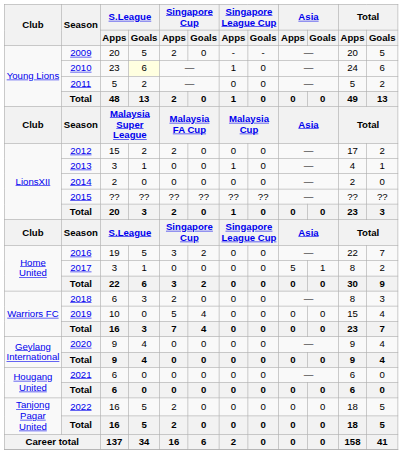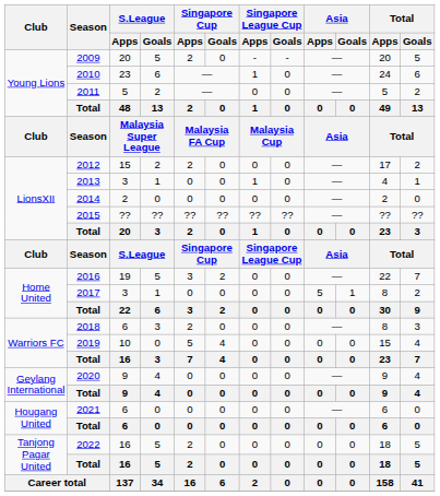 <table class="wikitable" style="text-align:center">
 <tr>
 <th rowspan="2">Club</th>
 <th rowspan="2">Season</th>
 <th colspan="2"><a href='#'>S.League</a></th>
 <th colspan="2"><a href='#'>Singapore Cup</a></th>
 <th colspan="2"><a href='#'>Singapore<br>League Cup</a></th>
 <th colspan="2"><a href='#'>Asia</a></th>
 <th colspan="2">Total</th>
 </tr>
 <tr>
 <th>Apps</th>
 <th>Goals</th>
 <th>Apps</th>
 <th>Goals</th>
 <th>Apps</th>
 <th>Goals</th>
 <th>Apps</th>
 <th>Goals</th>
 <th>Apps</th>
 <th>Goals</th>
 </tr>
 <tr>
 <td rowspan="4"><a href='#'>Young Lions</a></td>
 <td><a href='#'>2009</a></td>
 <td>20</td>
 <td>5</td>
 <td>2</td>
 <td>0</td>
 <td>-</td>
 <td>-</td>
 <td colspan='2'>—</td>
 <td>20</td>
 <td>5</td>
 </tr>
 <tr>
 <td><a href='#'>2010</a></td>
 <td>23</td>
-<td style="background: lightyellow;">6</td>
+<td>6</td>
 <td colspan='2'>—</td>
 <td>1</td>
 <td>0</td>
 <td colspan='2'>—</td>
 <td>24</td>
 <td>6</td>
 </tr>
 <tr>
 <td><a href='#'>2011</a></td>
 <td>5</td>
 <td>2</td>
 <td colspan='2'>—</td>
 <td>0</td>
 <td>0</td>
 <td colspan='2'>—</td>
 <td>5</td>
 <td>2</td>
 </tr>
 <tr>
 <th>Total</th>
 <th>48</th>
 <th>13</th>
 <th>2</th>
 <th>0</th>
 <th>1</th>
 <th>0</th>
 <th>0</th>
 <th>0</th>
 <th>49</th>
 <th>13</th>
 </tr>
 <tr>
 <th>Club</th>
 <th>Season</th>
 <th colspan="2"><a href='#'>Malaysia<br>Super League</a></th>
 <th colspan="2"><a href='#'>Malaysia<br>FA Cup</a></th>
 <th colspan="2"><a href='#'>Malaysia Cup</a></th>
 <th colspan="2"><a href='#'>Asia</a></th>
 <th colspan="2">Total</th>
 </tr>
 <tr>
 <td rowspan="5"><a href='#'>LionsXII</a></td>
 <td><a href='#'>2012</a></td>
 <td>15</td>
 <td>2</td>
 <td>2</td>
 <td>0</td>
 <td>0</td>
 <td>0</td>
 <td colspan='2'>—</td>
 <td>17</td>
 <td>2</td>
 </tr>
 <tr>
 <td><a href='#'>2013</a></td>
 <td>3</td>
 <td>1</td>
 <td>0</td>
 <td>0</td>
 <td>1</td>
 <td>0</td>
 <td colspan='2'>—</td>
 <td>4</td>
 <td>1</td>
 </tr>
 <tr>
 <td><a href='#'>2014</a></td>
 <td>2</td>
 <td>0</td>
 <td>0</td>
 <td>0</td>
 <td>0</td>
 <td>0</td>
 <td colspan='2'>—</td>
 <td>2</td>
 <td>0</td>
 </tr>
 <tr>
 <td><a href='#'>2015</a></td>
 <td>??</td>
 <td>??</td>
 <td>??</td>
 <td>??</td>
 <td>??</td>
 <td>??</td>
 <td colspan='2'>—</td>
 <td>??</td>
 <td>??</td>
 </tr>
 <tr>
 <th>Total</th>
 <th>20</th>
 <th>3</th>
 <th>2</th>
 <th>0</th>
 <th>1</th>
 <th>0</th>
 <th>0</th>
 <th>0</th>
 <th>23</th>
 <th>3</th>
 </tr>
 <tr>
 <th rowspan="1">Club</th>
 <th rowspan="1">Season</th>
 <th colspan="2"><a href='#'>S.League</a></th>
 <th colspan="2"><a href='#'>Singapore Cup</a></th>
 <th colspan="2"><a href='#'>Singapore<br>League Cup</a></th>
 <th colspan="2"><a href='#'>Asia</a></th>
 <th colspan="2">Total</th>
 </tr>
 <tr>
 <td rowspan="3"><a href='#'>Home United</a></td>
 <td><a href='#'>2016</a></td>
 <td>19</td>
 <td>5</td>
 <td>3</td>
 <td>2</td>
 <td>0</td>
 <td>0</td>
 <td colspan="2">—</td>
 <td>22</td>
 <td>7</td>
 </tr>
 <tr>
 <td><a href='#'>2017</a></td>
 <td>3</td>
 <td>1</td>
 <td>0</td>
 <td>0</td>
 <td>0</td>
 <td>0</td>
 <td>5</td>
 <td>1</td>
 <td>8</td>
 <td>2</td>
 </tr>
 <tr>
 <th>Total</th>
 <th>22</th>
 <th>6</th>
 <th>3</th>
 <th>2</th>
 <th>0</th>
 <th>0</th>
 <th>0</th>
 <th>0</th>
 <th>30</th>
 <th>9</th>
 </tr>
 <tr>
 <td rowspan="3"><a href='#'>Warriors FC</a></td>
 <td><a href='#'>2018</a></td>
 <td>6</td>
 <td>3</td>
 <td>2</td>
 <td>0</td>
 <td>0</td>
 <td>0</td>
 <td colspan="2">—</td>
 <td>8</td>
 <td>3</td>
 </tr>
 <tr>
 <td><a href='#'>2019</a></td>
 <td>10</td>
 <td>0</td>
 <td>5</td>
 <td>4</td>
 <td>0</td>
 <td>0</td>
 <td>0</td>
 <td>0</td>
 <td>15</td>
 <td>4</td>
 </tr>
 <tr>
 <th>Total</th>
 <th>16</th>
 <th>3</th>
 <th>7</th>
 <th>4</th>
 <th>0</th>
 <th>0</th>
 <th>0</th>
 <th>0</th>
 <th>23</th>
 <th>7</th>
 </tr>
 <tr>
 <td rowspan="2"><a href='#'>Geylang International</a></td>
 <td><a href='#'>2020</a></td>
 <td>9</td>
 <td>4</td>
 <td>0</td>
 <td>0</td>
 <td>0</td>
 <td>0</td>
 <td colspan="2">—</td>
 <td>9</td>
 <td>4</td>
 </tr>
 <tr>
 <th>Total</th>
 <th>9</th>
 <th>4</th>
 <th>0</th>
 <th>0</th>
 <th>0</th>
 <th>0</th>
 <th>0</th>
 <th>0</th>
 <th>9</th>
 <th>4</th>
 </tr>
 <tr>
 <td rowspan="2"><a href='#'>Hougang United</a></td>
 <td><a href='#'>2021</a></td>
 <td>6</td>
 <td>0</td>
 <td>0</td>
 <td>0</td>
 <td>0</td>
 <td>0</td>
 <td colspan="2">—</td>
 <td>6</td>
 <td>0</td>
 </tr>
 <tr>
 <th>Total</th>
 <th>6</th>
 <th>0</th>
 <th>0</th>
 <th>0</th>
 <th>0</th>
 <th>0</th>
 <th>0</th>
 <th>0</th>
 <th>6</th>
 <th>0</th>
 </tr>
 <tr>
 <td rowspan="2"><a href='#'>Tanjong Pagar United</a></td>
 <td><a href='#'>2022</a></td>
 <td>16</td>
 <td>5</td>
 <td>2</td>
 <td>0</td>
 <td>0</td>
 <td>0</td>
 <td>0</td>
 <td>0</td>
 <td>18</td>
 <td>5</td>
 </tr>
 <tr>
 <th>Total</th>
 <th>16</th>
 <th>5</th>
 <th>2</th>
 <th>0</th>
 <th>0</th>
 <th>0</th>
 <th>0</th>
 <th>0</th>
 <th>18</th>
 <th>5</th>
 </tr>
 <tr>
 <th colspan="2">Career total</th>
 <th>137</th>
 <th>34</th>
 <th>16</th>
 <th>6</th>
 <th>2</th>
 <th>0</th>
 <th>0</th>
 <th>0</th>
 <th>158</th>
 <th>41</th>
 </tr>
 <tr>
 </tr>
 </table>
